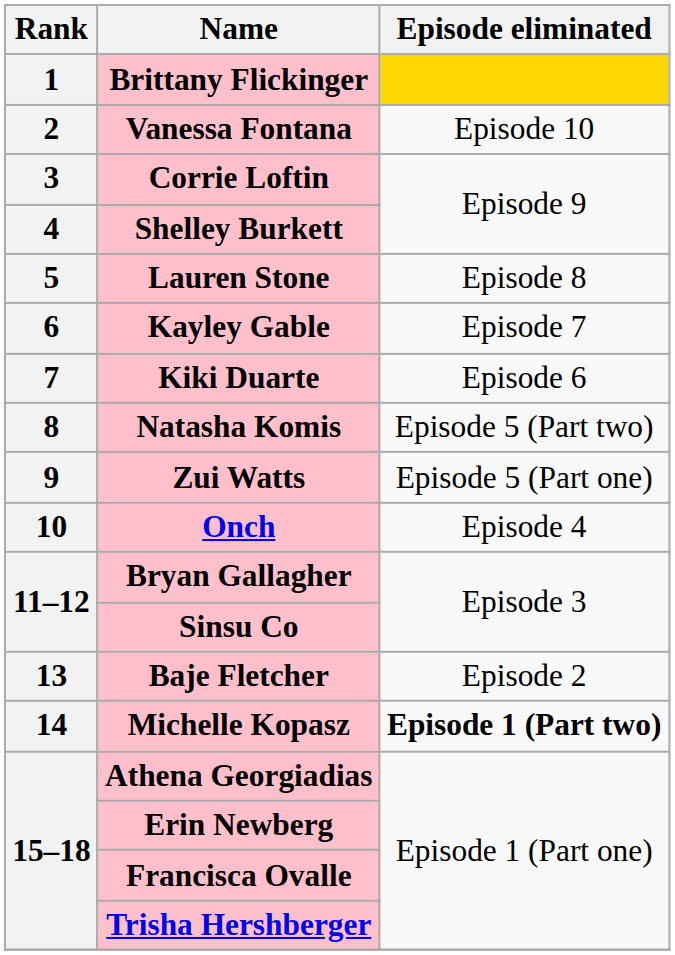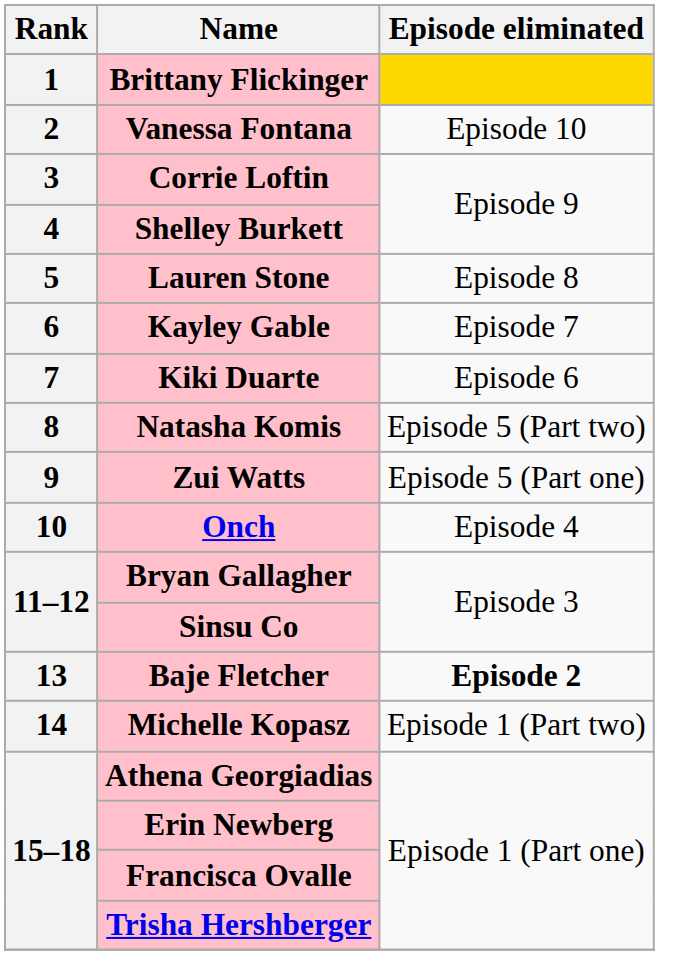 <table class="wikitable" style="text-align:center">
 <tr>
 <th>Rank</th>
 <th>Name</th>
 <th>Episode eliminated</th>
 </tr>
 <tr>
 <th>1</th>
 <td bgcolor="pink"><strong>Brittany Flickinger</strong></td>
 <td colspan="3" bgcolor="gold"></td>
 </tr>
 <tr>
 <th>2</th>
 <td bgcolor="pink"><strong>Vanessa Fontana</strong></td>
 <td>Episode 10</td>
 </tr>
 <tr>
 <th>3</th>
 <td bgcolor="pink"><strong>Corrie Loftin</strong></td>
 <td rowspan="2">Episode 9</td>
 </tr>
 <tr>
 <th>4</th>
 <td bgcolor="pink"><strong>Shelley Burkett</strong></td>
 </tr>
 <tr>
 <th>5</th>
 <td bgcolor="pink"><strong>Lauren Stone</strong></td>
 <td>Episode 8</td>
 </tr>
 <tr>
 <th>6</th>
 <td bgcolor="pink"><strong>Kayley Gable</strong></td>
 <td>Episode 7</td>
 </tr>
 <tr>
 <th>7</th>
 <td bgcolor="pink"><strong>Kiki Duarte</strong></td>
 <td>Episode 6</td>
 </tr>
 <tr>
 <th>8</th>
 <td bgcolor="pink"><strong>Natasha Komis</strong></td>
 <td>Episode 5 (Part two)</td>
 </tr>
 <tr>
 <th>9</th>
 <td bgcolor="pink"><strong>Zui Watts</strong></td>
 <td>Episode 5 (Part one)</td>
 </tr>
 <tr>
 <th>10</th>
 <td bgcolor="pink"><strong><a href='#'>Onch</a></strong></td>
 <td>Episode 4</td>
 </tr>
 <tr>
 <th rowspan="2">11–12</th>
 <td bgcolor="pink"><strong>Bryan Gallagher</strong></td>
 <td rowspan="2">Episode 3</td>
 </tr>
 <tr>
 <td bgcolor="pink"><strong>Sinsu Co</strong></td>
 </tr>
 <tr>
 <th>13</th>
 <td bgcolor="pink"><strong>Baje Fletcher</strong></td>
-<td>Episode 2</td>
+<td><strong>Episode 2</strong></td>
 </tr>
 <tr>
 <th>14</th>
 <td bgcolor="pink"><strong>Michelle Kopasz</strong></td>
-<td><strong>Episode 1 (Part two)</strong></td>
+<td>Episode 1 (Part two)</td>
 </tr>
 <tr>
 <th rowspan="4">15–18</th>
 <td bgcolor="pink"><strong>Athena Georgiadias</strong></td>
 <td rowspan="4">Episode 1 (Part one)</td>
 </tr>
 <tr>
 <td bgcolor="pink"><strong>Erin Newberg</strong></td>
 </tr>
 <tr>
 <td bgcolor="pink"><strong>Francisca Ovalle</strong></td>
 </tr>
 <tr>
 <td bgcolor="pink"><strong><a href='#'>Trisha Hershberger</a></strong></td>
 </tr>
 <tr>
 </tr>
 </table>
